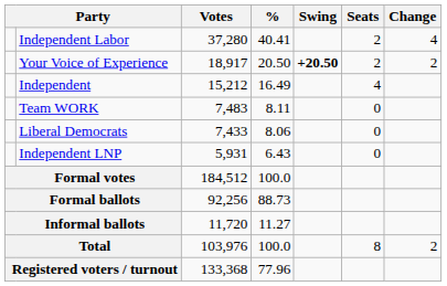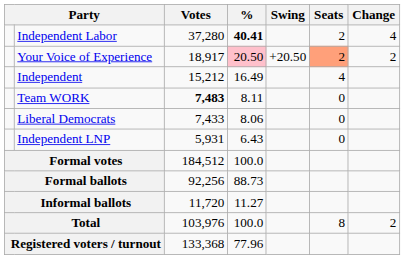 <table class="wikitable" style="text-align:right; margin-bottom:0">
 <tr>
 <th style="width:10px" colspan=3>Party</th>
 <th style="width:70px;">Votes</th>
 <th style="width:40px;">%</th>
 <th style="width:40px;">Swing</th>
 <th style="width:40px;">Seats</th>
 <th style="width:40px;">Change</th>
 </tr>
 <tr>
 <td> </td>
 <td style="text-align:left;" colspan="2"><a href='#'>Independent Labor</a></td>
 <td style="width:70px;">37,280</td>
-<td style="width:40px;">40.41</td>
+<td style="width:40px;"><strong>40.41</strong></td>
 <td style="width:45px;"></td>
 <td style="width:40px;">2</td>
 <td style="width:55px;"> 4</td>
 </tr>
 <tr>
 <td> </td>
 <td style="text-align:left;" colspan="2"><a href='#'>Your Voice of Experience</a></td>
 <td style="width:70px;">18,917</td>
-<td style="width:40px;">20.50</td>
-<td style="width:45px;"><strong>+20.50</strong></td>
-<td style="width:40px;">2</td>
+<td style="background: pink; width:40px;">20.50</td>
+<td style="width:45px;">+20.50</td>
+<td style="background: lightsalmon; width:40px;">2</td>
 <td style="width:55px;"> 2</td>
 </tr>
 <tr>
 <td> </td>
 <td style="text-align:left;" colspan="2"><a href='#'>Independent</a></td>
 <td style="width:70px;">15,212</td>
 <td style="width:40px;">16.49</td>
 <td style="width:45px;"></td>
 <td style="width:40px;">4</td>
 <td style="width:55px;"></td>
 </tr>
 <tr>
 <td> </td>
 <td style="text-align:left;" colspan="2"><a href='#'>Team WORK</a></td>
-<td style="width:70px;">7,483</td>
+<td style="width:70px;"><strong>7,483</strong></td>
 <td style="width:40px;">8.11</td>
 <td style="width:45px;"></td>
 <td style="width:40px;">0</td>
 <td style="width:55px;"></td>
 </tr>
 <tr>
 <td> </td>
 <td style="text-align:left;" colspan="2"><a href='#'>Liberal Democrats</a></td>
 <td style="width:70px;">7,433</td>
 <td style="width:40px;">8.06</td>
 <td style="width:45px;"></td>
 <td style="width:40px;">0</td>
 <td style="width:55px;"></td>
 </tr>
 <tr>
 <td> </td>
 <td style="text-align:left;" colspan="2"><a href='#'>Independent LNP</a></td>
 <td style="width:70px;">5,931</td>
 <td style="width:40px;">6.43</td>
 <td style="width:45px;"></td>
 <td style="width:40px;">0</td>
 <td style="width:55px;"></td>
 </tr>
 <tr>
 <th colspan="3" rowspan="1"> Formal votes</th>
 <td>184,512</td>
 <td>100.0</td>
 <td></td>
 <td></td>
 <td></td>
 </tr>
 <tr>
 <th colspan="3" rowspan="1"> Formal ballots</th>
 <td>92,256</td>
 <td>88.73</td>
 <td></td>
 <td></td>
 <td></td>
 </tr>
 <tr>
 <th colspan="3" rowspan="1"> Informal ballots</th>
 <td>11,720</td>
 <td>11.27</td>
 <td></td>
 <td></td>
 <td></td>
 </tr>
 <tr>
 <th colspan="3" rowspan="1"> <strong>Total </strong></th>
 <td>103,976</td>
 <td>100.0</td>
 <td></td>
 <td>8</td>
 <td> 2</td>
 </tr>
 <tr>
 <th colspan="3" rowspan="1"> Registered voters / turnout</th>
 <td>133,368</td>
 <td>77.96</td>
 <td></td>
 <td></td>
 <td></td>
 </tr>
 </table>
